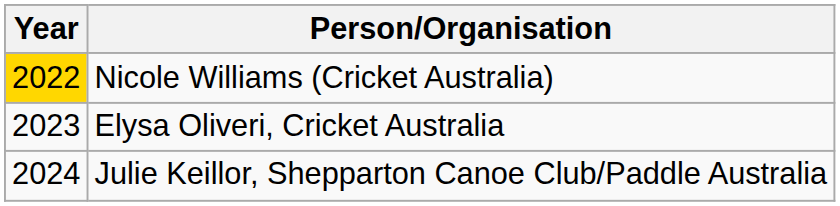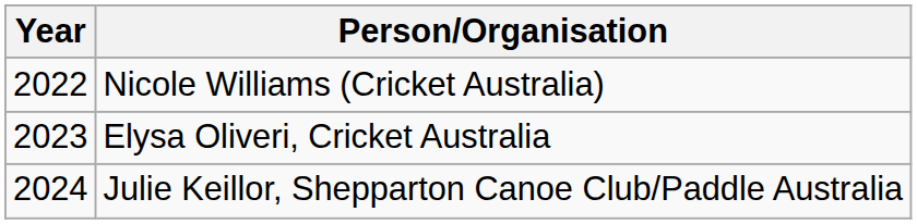 <table class="wikitable">
 <tr>
 <th>Year</th>
 <th>Person/Organisation</th>
 </tr>
 <tr>
-<td style="background: gold;">2022</td>
+<td>2022</td>
 <td>Nicole Williams (Cricket Australia)</td>
 </tr>
 <tr>
 <td>2023</td>
 <td>Elysa Oliveri, Cricket Australia</td>
 </tr>
 <tr>
 <td>2024</td>
 <td>Julie Keillor, Shepparton Canoe Club/Paddle Australia</td>
 </tr>
 </table>
